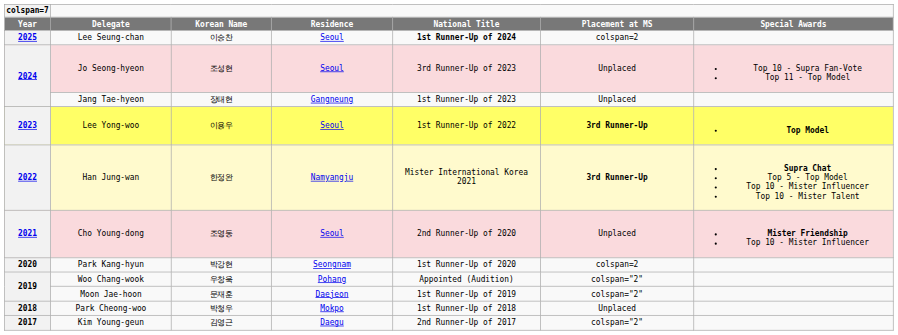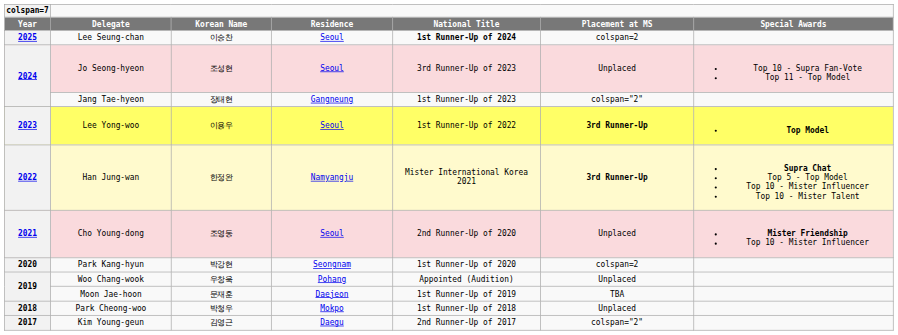 <table class="wikitable sortable" style="font-size: 85%; text-align:center">
 <tr>
 <th>colspan=7 </th>
 </tr>
 <tr>
 <th width="60" style="background-color:#787878;color:#FFFFFF;">Year</th>
 <th width="180" style="background-color:#787878;color:#FFFFFF;">Delegate</th>
 <th width="150" style="background-color:#787878;color:#FFFFFF;">Korean Name</th>
 <th width="180" style="background-color:#787878;color:#FFFFFF;">Residence</th>
 <th width="220" style="background-color:#787878;color:#FFFFFF;">National Title</th>
 <th width="230" style="background-color:#787878;color:#FFFFFF;">Placement at MS</th>
 <th width="300" style="background-color:#787878;color:#FFFFFF;">Special Awards</th>
 </tr>
 <tr>
 <th><a href='#'>2025</a></th>
 <td>Lee Seung-chan</td>
 <td>이승찬</td>
 <td><a href='#'>Seoul</a></td>
 <td><strong>1st Runner-Up of 2024</strong></td>
 <td>colspan=2 </td>
 <td></td>
 </tr>
 <tr style="background-color:#FADADD;: bold">
 <th rowspan="2"><a href='#'>2024</a></th>
 <td>Jo Seong-hyeon</td>
 <td>조성현</td>
 <td><a href='#'>Seoul</a></td>
 <td>3rd Runner-Up of 2023</td>
 <td>Unplaced</td>
 <td><br><ul><li>Top 10 - Supra Fan-Vote</li><li>Top 11 - Top Model</li></ul></td>
 </tr>
 <tr>
 <td>Jang Tae-hyeon</td>
 <td>장태현</td>
 <td><a href='#'>Gangneung</a></td>
 <td>1st Runner-Up of 2023</td>
-<td>Unplaced</td>
+<td>colspan="2" </td>
 </tr>
 <tr style="background-color:#FFFF66">
 <th><a href='#'>2023</a></th>
 <td>Lee Yong-woo</td>
 <td>이용우</td>
 <td><a href='#'>Seoul</a></td>
 <td>1st Runner-Up of 2022</td>
 <td><strong>3rd Runner-Up</strong></td>
 <td><br><ul><li><strong>Top Model</strong></li></ul></td>
 </tr>
 <tr style="background-color:#FFFACD;">
 <th><a href='#'>2022</a></th>
 <td>Han Jung-wan</td>
 <td>한정완</td>
 <td><a href='#'>Namyangju</a></td>
 <td>Mister International Korea 2021</td>
 <td><strong>3rd Runner-Up</strong></td>
 <td><br><ul><li><strong>Supra Chat</strong></li><li>Top 5 - Top Model</li><li>Top 10 - Mister Influencer</li><li>Top 10 - Mister Talent</li></ul></td>
 </tr>
 <tr style="background-color:#FADADD;: bold">
 <th><a href='#'>2021</a></th>
 <td>Cho Young-dong</td>
 <td>조영동</td>
 <td><a href='#'>Seoul</a></td>
 <td>2nd Runner-Up of 2020</td>
 <td>Unplaced</td>
 <td><br><ul><li><strong>Mister Friendship</strong></li><li>Top 10 -  Mister Influencer</li></ul></td>
 </tr>
 <tr>
 <th>2020</th>
 <td>Park Kang-hyun</td>
 <td>박강현</td>
 <td><a href='#'>Seongnam</a></td>
 <td>1st Runner-Up of 2020</td>
 <td>colspan=2 </td>
 </tr>
 <tr>
 <th rowspan="2">2019</th>
 <td>Woo Chang-wook</td>
 <td>우창욱</td>
 <td><a href='#'>Pohang</a></td>
 <td>Appointed (Audition)</td>
-<td>colspan="2" </td>
+<td>Unplaced</td>
 <td></td>
 </tr>
 <tr>
 <td>Moon Jae-hoon</td>
 <td>문재훈</td>
 <td><a href='#'>Daejeon</a></td>
 <td>1st Runner-Up of 2019</td>
-<td>colspan="2" </td>
+<td>TBA</td>
 </tr>
 <tr>
 <th>2018</th>
 <td>Park Cheong-woo</td>
 <td>박청우</td>
 <td><a href='#'>Mokpo</a></td>
 <td>1st Runner-Up of 2018</td>
 <td>Unplaced</td>
 <td></td>
 </tr>
 <tr>
 <th>2017</th>
 <td>Kim Young-geun</td>
 <td>김영근</td>
 <td><a href='#'>Daegu</a></td>
 <td>2nd Runner-Up of 2017</td>
 <td>colspan="2" </td>
 </tr>
 </table>
